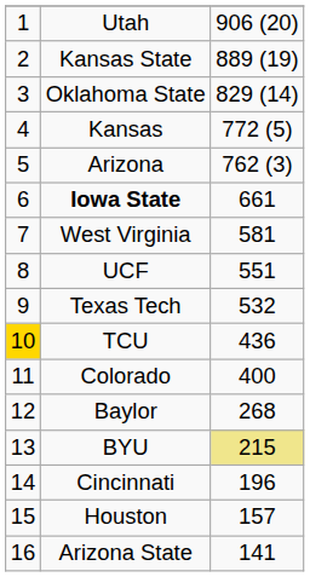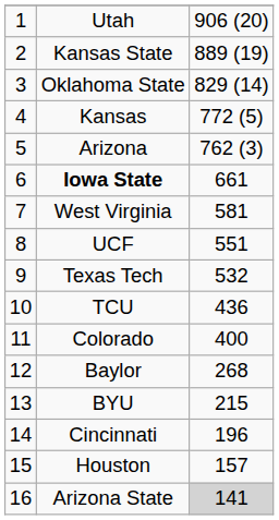 <table class="wikitable" style="display: inline-table;">
 <tr align="center">
 </tr>
 <tr align="center">
 <td>1</td>
 <td>Utah</td>
 <td>906 (20)</td>
 </tr>
 <tr align="center">
 <td>2</td>
 <td>Kansas State</td>
 <td>889 (19)</td>
 </tr>
 <tr align="center">
 <td>3</td>
 <td>Oklahoma State</td>
 <td>829 (14)</td>
 </tr>
 <tr align="center">
 <td>4</td>
 <td>Kansas</td>
 <td>772 (5)</td>
 </tr>
 <tr align="center">
 <td>5</td>
 <td>Arizona</td>
 <td>762 (3)</td>
 </tr>
 <tr align="center">
 <td>6</td>
 <td><strong>Iowa State</strong></td>
 <td>661</td>
 </tr>
 <tr align="center">
 <td>7</td>
 <td>West Virginia</td>
 <td>581</td>
 </tr>
 <tr align="center">
 <td>8</td>
 <td>UCF</td>
 <td>551</td>
 </tr>
 <tr align="center">
 <td>9</td>
 <td>Texas Tech</td>
 <td>532</td>
 </tr>
 <tr align="center">
-<td style="background: gold;">10</td>
+<td>10</td>
 <td>TCU</td>
 <td>436</td>
 </tr>
 <tr align="center">
 <td>11</td>
 <td>Colorado</td>
 <td>400</td>
 </tr>
 <tr align="center">
 <td>12</td>
 <td>Baylor</td>
 <td>268</td>
 </tr>
 <tr align="center">
 <td>13</td>
 <td>BYU</td>
-<td style="background: khaki;">215</td>
+<td>215</td>
 </tr>
 <tr align="center">
 <td>14</td>
 <td>Cincinnati</td>
 <td>196</td>
 </tr>
 <tr align="center">
 <td>15</td>
 <td>Houston</td>
 <td>157</td>
 </tr>
 <tr align="center">
 <td>16</td>
 <td>Arizona State</td>
-<td>141</td>
+<td style="background: lightgrey;">141</td>
 </tr>
 </table>
